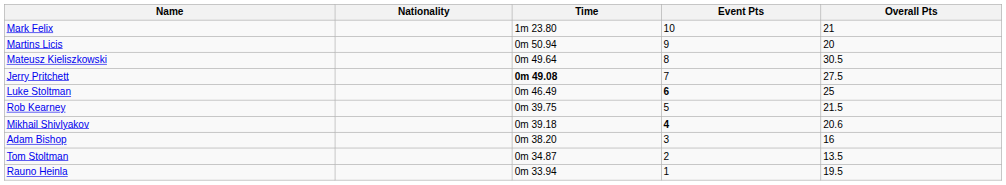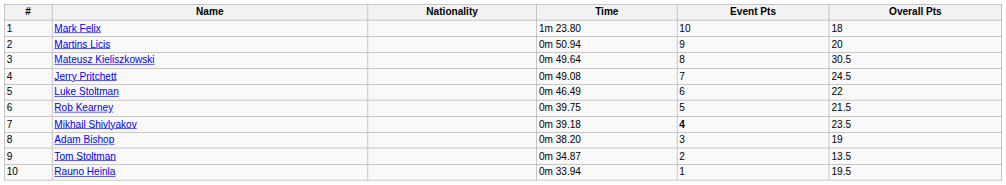 <table class="wikitable sortable" style="display: inline-table;width: 100%;">
 <tr>
+<th>#</th>
 <th>Name</th>
 <th>Nationality</th>
 <th>Time</th>
 <th>Event Pts</th>
 <th>Overall Pts</th>
 </tr>
 <tr>
+<td>1</td>
 <td><a href='#'>Mark Felix</a></td>
 <td></td>
 <td>1m 23.80</td>
 <td>10</td>
-<td>21</td>
+<td>18</td>
 </tr>
 <tr>
+<td>2</td>
 <td><a href='#'>Martins Licis</a></td>
 <td></td>
 <td>0m 50.94</td>
 <td>9</td>
 <td>20</td>
 </tr>
 <tr>
+<td>3</td>
 <td><a href='#'>Mateusz Kieliszkowski</a></td>
 <td></td>
 <td>0m 49.64</td>
 <td>8</td>
 <td>30.5</td>
 </tr>
 <tr>
+<td>4</td>
 <td><a href='#'>Jerry Pritchett</a></td>
 <td></td>
-<td><strong>0m 49.08</strong></td>
+<td>0m 49.08</td>
 <td>7</td>
-<td>27.5</td>
+<td>24.5</td>
 </tr>
 <tr>
+<td>5</td>
 <td><a href='#'>Luke Stoltman</a></td>
 <td></td>
 <td>0m 46.49</td>
-<td><strong>6</strong></td>
-<td>25</td>
+<td>6</td>
+<td>22</td>
 </tr>
 <tr>
+<td>6</td>
 <td><a href='#'>Rob Kearney</a></td>
 <td></td>
 <td>0m 39.75</td>
 <td>5</td>
 <td>21.5</td>
 </tr>
 <tr>
+<td>7</td>
 <td><a href='#'>Mikhail Shivlyakov</a></td>
 <td></td>
 <td>0m 39.18</td>
 <td><strong>4</strong></td>
-<td>20.6</td>
+<td>23.5</td>
 </tr>
 <tr>
+<td>8</td>
 <td><a href='#'>Adam Bishop</a></td>
 <td></td>
 <td>0m 38.20</td>
 <td>3</td>
-<td>16</td>
+<td>19</td>
 </tr>
 <tr>
+<td>9</td>
 <td><a href='#'>Tom Stoltman</a></td>
 <td></td>
 <td>0m 34.87</td>
 <td>2</td>
 <td>13.5</td>
 </tr>
 <tr>
+<td>10</td>
 <td><a href='#'>Rauno Heinla</a></td>
 <td></td>
 <td>0m 33.94</td>
 <td>1</td>
 <td>19.5</td>
 </tr>
 </table>
